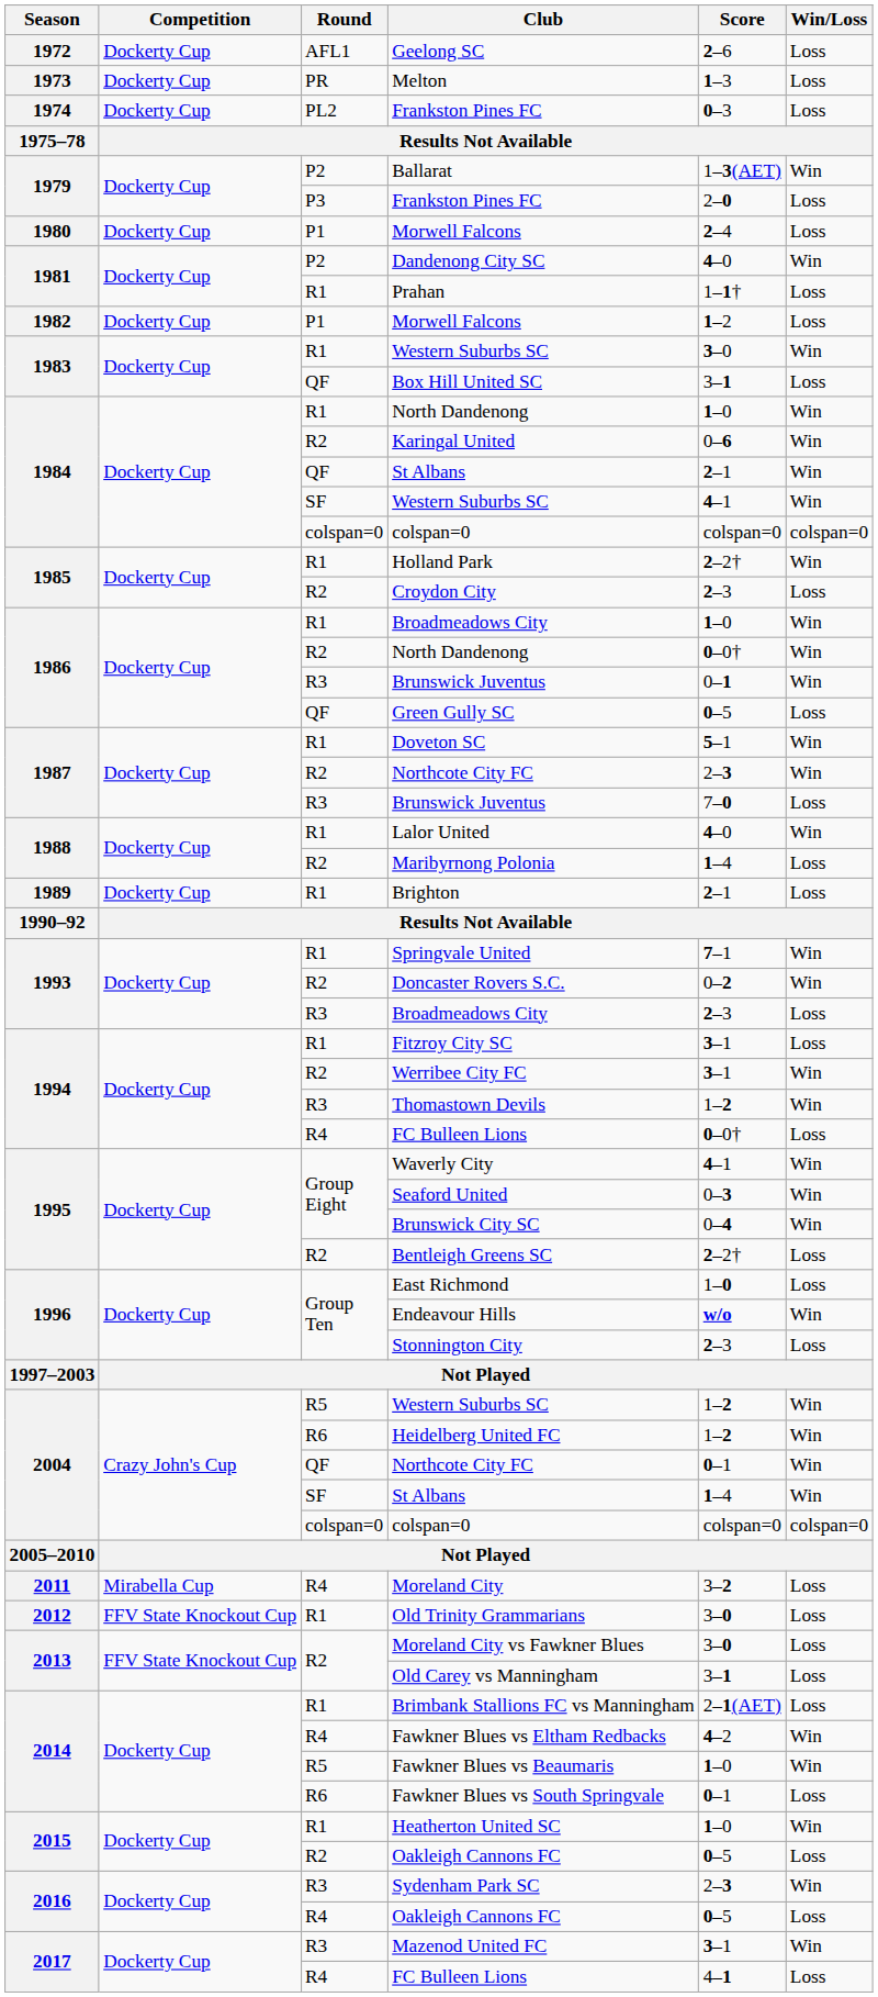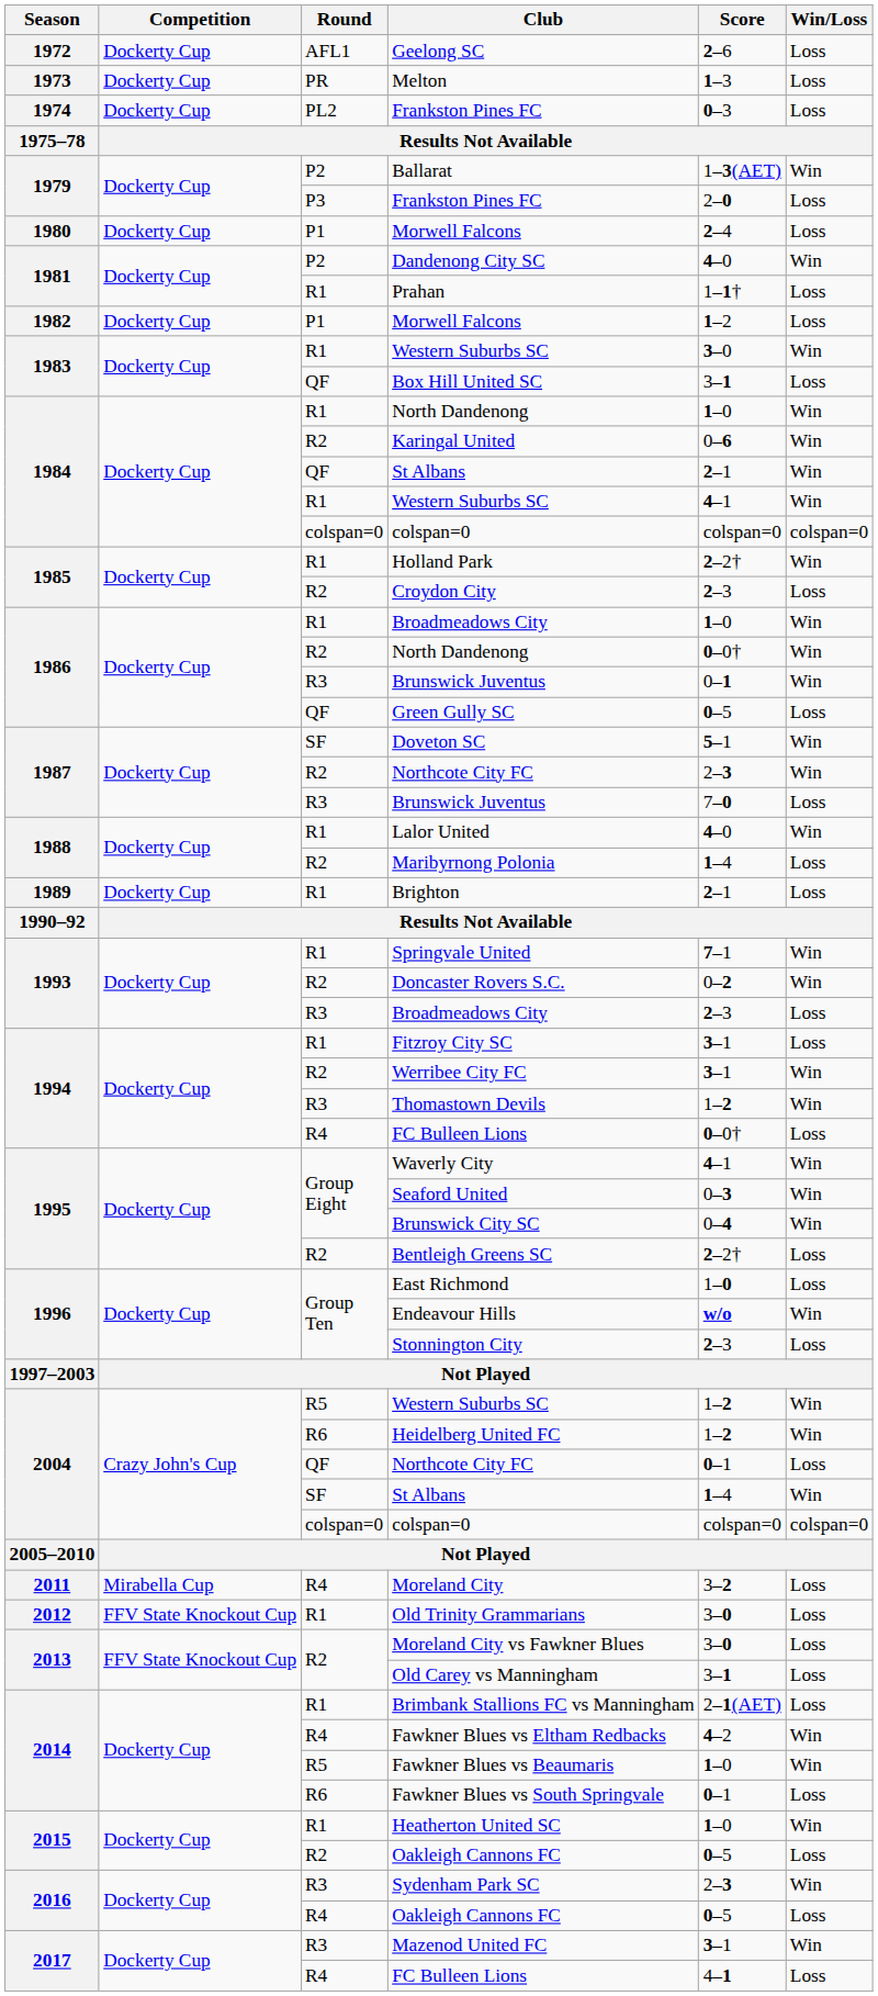 <table class="wikitable">
 <tr>
 <th>Season</th>
 <th>Competition</th>
 <th>Round</th>
 <th>Club</th>
 <th>Score</th>
 <th>Win/Loss</th>
 </tr>
 <tr>
 <th>1972</th>
 <td><a href='#'>Dockerty Cup</a></td>
 <td>AFL1</td>
 <td><a href='#'>Geelong SC</a></td>
 <td><strong>2</strong>–6</td>
 <td>Loss</td>
 </tr>
 <tr>
 <th>1973</th>
 <td><a href='#'>Dockerty Cup</a></td>
 <td>PR</td>
 <td>Melton</td>
 <td><strong>1</strong>–3</td>
 <td>Loss</td>
 </tr>
 <tr>
 <th>1974</th>
 <td><a href='#'>Dockerty Cup</a></td>
 <td>PL2</td>
 <td><a href='#'>Frankston Pines FC</a></td>
 <td><strong>0</strong>–3</td>
 <td>Loss</td>
 </tr>
 <tr>
 <th>1975–78</th>
 <th colspan="5">Results Not Available</th>
 </tr>
 <tr>
 <th rowspan="2">1979</th>
 <td rowspan="2"><a href='#'>Dockerty Cup</a></td>
 <td>P2</td>
 <td>Ballarat</td>
 <td>1–<strong>3</strong><a href='#'>(AET)</a></td>
 <td>Win</td>
 </tr>
 <tr>
 <td>P3</td>
 <td><a href='#'>Frankston Pines FC</a></td>
 <td>2–<strong>0</strong></td>
 <td>Loss</td>
 </tr>
 <tr>
 <th>1980</th>
 <td><a href='#'>Dockerty Cup</a></td>
 <td>P1</td>
 <td><a href='#'>Morwell Falcons</a></td>
 <td><strong>2</strong>–4</td>
 <td>Loss</td>
 </tr>
 <tr>
 <th rowspan="2">1981</th>
 <td rowspan="2"><a href='#'>Dockerty Cup</a></td>
 <td>P2</td>
 <td><a href='#'>Dandenong City SC</a></td>
 <td><strong>4</strong>–0</td>
 <td>Win</td>
 </tr>
 <tr>
 <td>R1</td>
 <td>Prahan</td>
 <td>1–<strong>1</strong>†</td>
 <td>Loss</td>
 </tr>
 <tr>
 <th>1982</th>
 <td><a href='#'>Dockerty Cup</a></td>
 <td>P1</td>
 <td><a href='#'>Morwell Falcons</a></td>
 <td><strong>1</strong>–2</td>
 <td>Loss</td>
 </tr>
 <tr>
 <th rowspan="2">1983</th>
 <td rowspan="2"><a href='#'>Dockerty Cup</a></td>
 <td>R1</td>
 <td><a href='#'>Western Suburbs SC</a></td>
 <td><strong>3</strong>–0</td>
 <td>Win</td>
 </tr>
 <tr>
 <td>QF</td>
 <td><a href='#'>Box Hill United SC</a></td>
 <td>3–<strong>1</strong></td>
 <td>Loss</td>
 </tr>
 <tr>
 <th rowspan="5">1984</th>
 <td rowspan="5"><a href='#'>Dockerty Cup</a></td>
 <td>R1</td>
 <td>North Dandenong</td>
 <td><strong>1</strong>–0</td>
 <td>Win</td>
 </tr>
 <tr>
 <td>R2</td>
 <td><a href='#'>Karingal United</a></td>
 <td>0–<strong>6</strong></td>
 <td>Win</td>
 </tr>
 <tr>
 <td>QF</td>
 <td><a href='#'>St Albans</a></td>
 <td><strong>2</strong>–1</td>
 <td>Win</td>
 </tr>
 <tr>
-<td>SF</td>
+<td>R1</td>
 <td><a href='#'>Western Suburbs SC</a></td>
 <td><strong>4</strong>–1</td>
 <td>Win</td>
 </tr>
 <tr>
 <td>colspan=0 </td>
 <td>colspan=0 </td>
 <td>colspan=0 </td>
 <td>colspan=0 </td>
 </tr>
 <tr>
 <th rowspan="2">1985</th>
 <td rowspan="2"><a href='#'>Dockerty Cup</a></td>
 <td>R1</td>
 <td>Holland Park</td>
 <td><strong>2</strong>–2†</td>
 <td>Win</td>
 </tr>
 <tr>
 <td>R2</td>
 <td><a href='#'>Croydon City</a></td>
 <td><strong>2</strong>–3</td>
 <td>Loss</td>
 </tr>
 <tr>
 <th rowspan="4">1986</th>
 <td rowspan="4"><a href='#'>Dockerty Cup</a></td>
 <td>R1</td>
 <td><a href='#'>Broadmeadows City</a></td>
 <td><strong>1</strong>–0</td>
 <td>Win</td>
 </tr>
 <tr>
 <td>R2</td>
 <td>North Dandenong</td>
 <td><strong>0</strong>–0†</td>
 <td>Win</td>
 </tr>
 <tr>
 <td>R3</td>
 <td><a href='#'>Brunswick Juventus</a></td>
 <td>0–<strong>1</strong></td>
 <td>Win</td>
 </tr>
 <tr>
 <td>QF</td>
 <td><a href='#'>Green Gully SC</a></td>
 <td><strong>0</strong>–5</td>
 <td>Loss</td>
 </tr>
 <tr>
 <th rowspan="3">1987</th>
 <td rowspan="3"><a href='#'>Dockerty Cup</a></td>
-<td>R1</td>
+<td>SF</td>
 <td><a href='#'>Doveton SC</a></td>
 <td><strong>5</strong>–1</td>
 <td>Win</td>
 </tr>
 <tr>
 <td>R2</td>
 <td><a href='#'>Northcote City FC</a></td>
 <td>2–<strong>3</strong></td>
 <td>Win</td>
 </tr>
 <tr>
 <td>R3</td>
 <td><a href='#'>Brunswick Juventus</a></td>
 <td>7–<strong>0</strong></td>
 <td>Loss</td>
 </tr>
 <tr>
 <th rowspan="2">1988</th>
 <td rowspan="2"><a href='#'>Dockerty Cup</a></td>
 <td>R1</td>
 <td>Lalor United</td>
 <td><strong>4</strong>–0</td>
 <td>Win</td>
 </tr>
 <tr>
 <td>R2</td>
 <td><a href='#'>Maribyrnong Polonia</a></td>
 <td><strong>1</strong>–4</td>
 <td>Loss</td>
 </tr>
 <tr>
 <th>1989</th>
 <td><a href='#'>Dockerty Cup</a></td>
 <td>R1</td>
 <td>Brighton</td>
 <td><strong>2</strong>–1</td>
 <td>Loss</td>
 </tr>
 <tr>
 <th>1990–92</th>
 <th colspan="5">Results Not Available</th>
 </tr>
 <tr>
 <th rowspan="3">1993</th>
 <td rowspan="3"><a href='#'>Dockerty Cup</a></td>
 <td>R1</td>
 <td><a href='#'>Springvale United</a></td>
 <td><strong>7</strong>–1</td>
 <td>Win</td>
 </tr>
 <tr>
 <td>R2</td>
 <td><a href='#'>Doncaster Rovers S.C.</a></td>
 <td>0–<strong>2</strong></td>
 <td>Win</td>
 </tr>
 <tr>
 <td>R3</td>
 <td><a href='#'>Broadmeadows City</a></td>
 <td><strong>2</strong>–3</td>
 <td>Loss</td>
 </tr>
 <tr>
 <th rowspan="4">1994</th>
 <td rowspan="4"><a href='#'>Dockerty Cup</a></td>
 <td>R1</td>
 <td><a href='#'>Fitzroy City SC</a></td>
 <td><strong>3</strong>–1</td>
 <td>Loss</td>
 </tr>
 <tr>
 <td>R2</td>
 <td><a href='#'>Werribee City FC</a></td>
 <td><strong>3</strong>–1</td>
 <td>Win</td>
 </tr>
 <tr>
 <td>R3</td>
 <td><a href='#'>Thomastown Devils</a></td>
 <td>1–<strong>2</strong></td>
 <td>Win</td>
 </tr>
 <tr>
 <td>R4</td>
 <td><a href='#'>FC Bulleen Lions</a></td>
 <td><strong>0</strong>–0†</td>
 <td>Loss</td>
 </tr>
 <tr>
 <th rowspan="4">1995</th>
 <td rowspan="4"><a href='#'>Dockerty Cup</a></td>
 <td rowspan="3">Group<br>Eight</td>
 <td>Waverly City</td>
 <td><strong>4</strong>–1</td>
 <td>Win</td>
 </tr>
 <tr>
 <td><a href='#'>Seaford United</a></td>
 <td>0–<strong>3</strong></td>
 <td>Win</td>
 </tr>
 <tr>
 <td><a href='#'>Brunswick City SC</a></td>
 <td>0–<strong>4</strong></td>
 <td>Win</td>
 </tr>
 <tr>
 <td>R2</td>
 <td><a href='#'>Bentleigh Greens SC</a></td>
 <td><strong>2</strong>–2†</td>
 <td>Loss</td>
 </tr>
 <tr>
 <th rowspan="3">1996</th>
 <td rowspan="3"><a href='#'>Dockerty Cup</a></td>
 <td rowspan="3">Group<br>Ten</td>
 <td>East Richmond</td>
 <td>1–<strong>0</strong></td>
 <td>Loss</td>
 </tr>
 <tr>
 <td>Endeavour Hills</td>
 <td><a href='#'><strong>w/o</strong></a></td>
 <td>Win</td>
 </tr>
 <tr>
 <td><a href='#'>Stonnington City</a></td>
 <td><strong>2</strong>–3</td>
 <td>Loss</td>
 </tr>
 <tr>
 <th>1997–2003</th>
 <th colspan="5">Not Played</th>
 </tr>
 <tr>
 <th rowspan="5">2004</th>
 <td rowspan="5"><a href='#'>Crazy John's Cup</a></td>
 <td>R5</td>
 <td><a href='#'>Western Suburbs SC</a></td>
 <td>1–<strong>2</strong></td>
 <td>Win</td>
 </tr>
 <tr>
 <td>R6</td>
 <td><a href='#'>Heidelberg United FC</a></td>
 <td>1–<strong>2</strong></td>
 <td>Win</td>
 </tr>
 <tr>
 <td>QF</td>
 <td><a href='#'>Northcote City FC</a></td>
 <td><strong>0</strong>–1</td>
-<td>Win</td>
+<td>Loss</td>
 </tr>
 <tr>
 <td>SF</td>
 <td><a href='#'>St Albans</a></td>
 <td><strong>1</strong>–4</td>
 <td>Win</td>
 </tr>
 <tr>
 <td>colspan=0 </td>
 <td>colspan=0 </td>
 <td>colspan=0 </td>
 <td>colspan=0 </td>
 </tr>
 <tr>
 <th>2005–2010</th>
 <th colspan="5">Not Played</th>
 </tr>
 <tr>
 <th><a href='#'>2011</a></th>
 <td><a href='#'>Mirabella Cup</a></td>
 <td>R4</td>
 <td><a href='#'>Moreland City</a></td>
 <td>3–<strong>2</strong></td>
 <td>Loss</td>
 </tr>
 <tr>
 <th><a href='#'>2012</a></th>
 <td><a href='#'>FFV State Knockout Cup</a></td>
 <td>R1</td>
 <td><a href='#'>Old Trinity Grammarians</a></td>
 <td>3–<strong>0</strong></td>
 <td>Loss</td>
 </tr>
 <tr>
 <th rowspan="2"><a href='#'>2013</a></th>
 <td rowspan="2"><a href='#'>FFV State Knockout Cup</a></td>
 <td rowspan="2">R2</td>
 <td><a href='#'>Moreland City</a> vs Fawkner Blues</td>
 <td>3–<strong>0</strong></td>
 <td>Loss</td>
 </tr>
 <tr>
 <td><a href='#'>Old Carey</a> vs Manningham</td>
 <td>3–<strong>1</strong></td>
 <td>Loss</td>
 </tr>
 <tr>
 <th rowspan="4"><a href='#'>2014</a></th>
 <td rowspan="4"><a href='#'>Dockerty Cup</a></td>
 <td>R1</td>
 <td><a href='#'>Brimbank Stallions FC</a> vs Manningham</td>
 <td>2–<strong>1</strong><a href='#'>(AET)</a></td>
 <td>Loss</td>
 </tr>
 <tr>
 <td>R4</td>
 <td>Fawkner Blues vs <a href='#'>Eltham Redbacks</a></td>
 <td><strong>4</strong>–2</td>
 <td>Win</td>
 </tr>
 <tr>
 <td>R5</td>
 <td>Fawkner Blues vs <a href='#'>Beaumaris</a></td>
 <td><strong>1</strong>–0</td>
 <td>Win</td>
 </tr>
 <tr>
 <td>R6</td>
 <td>Fawkner Blues vs <a href='#'>South Springvale</a></td>
 <td><strong>0</strong>–1</td>
 <td>Loss</td>
 </tr>
 <tr>
 <th rowspan="2"><a href='#'>2015</a></th>
 <td rowspan="2"><a href='#'>Dockerty Cup</a></td>
 <td>R1</td>
 <td><a href='#'>Heatherton United SC</a></td>
 <td><strong>1</strong>–0</td>
 <td>Win</td>
 </tr>
 <tr>
 <td>R2</td>
 <td><a href='#'>Oakleigh Cannons FC</a></td>
 <td><strong>0</strong>–5</td>
 <td>Loss</td>
 </tr>
 <tr>
 <th rowspan="2"><a href='#'>2016</a></th>
 <td rowspan="2"><a href='#'>Dockerty Cup</a></td>
 <td>R3</td>
 <td><a href='#'>Sydenham Park SC</a></td>
 <td>2–<strong>3</strong></td>
 <td>Win</td>
 </tr>
 <tr>
 <td>R4</td>
 <td><a href='#'>Oakleigh Cannons FC</a></td>
 <td><strong>0</strong>–5</td>
 <td>Loss</td>
 </tr>
 <tr>
 <th rowspan="2"><a href='#'>2017</a></th>
 <td rowspan="2"><a href='#'>Dockerty Cup</a></td>
 <td>R3</td>
 <td><a href='#'>Mazenod United FC</a></td>
 <td><strong>3</strong>–1</td>
 <td>Win</td>
 </tr>
 <tr>
 <td>R4</td>
 <td><a href='#'>FC Bulleen Lions</a></td>
 <td>4–<strong>1</strong></td>
 <td>Loss</td>
 </tr>
 </table>
